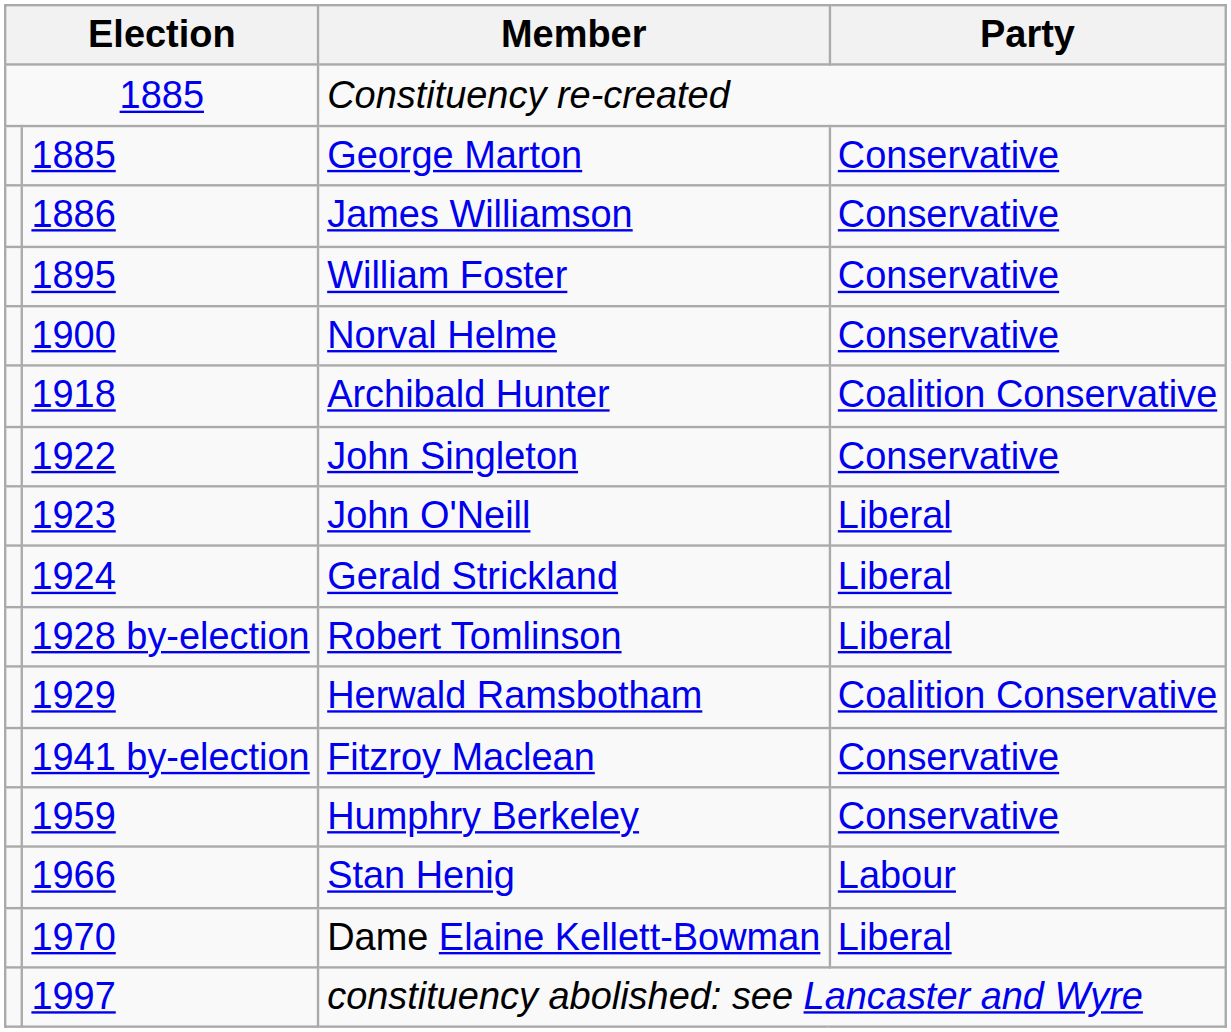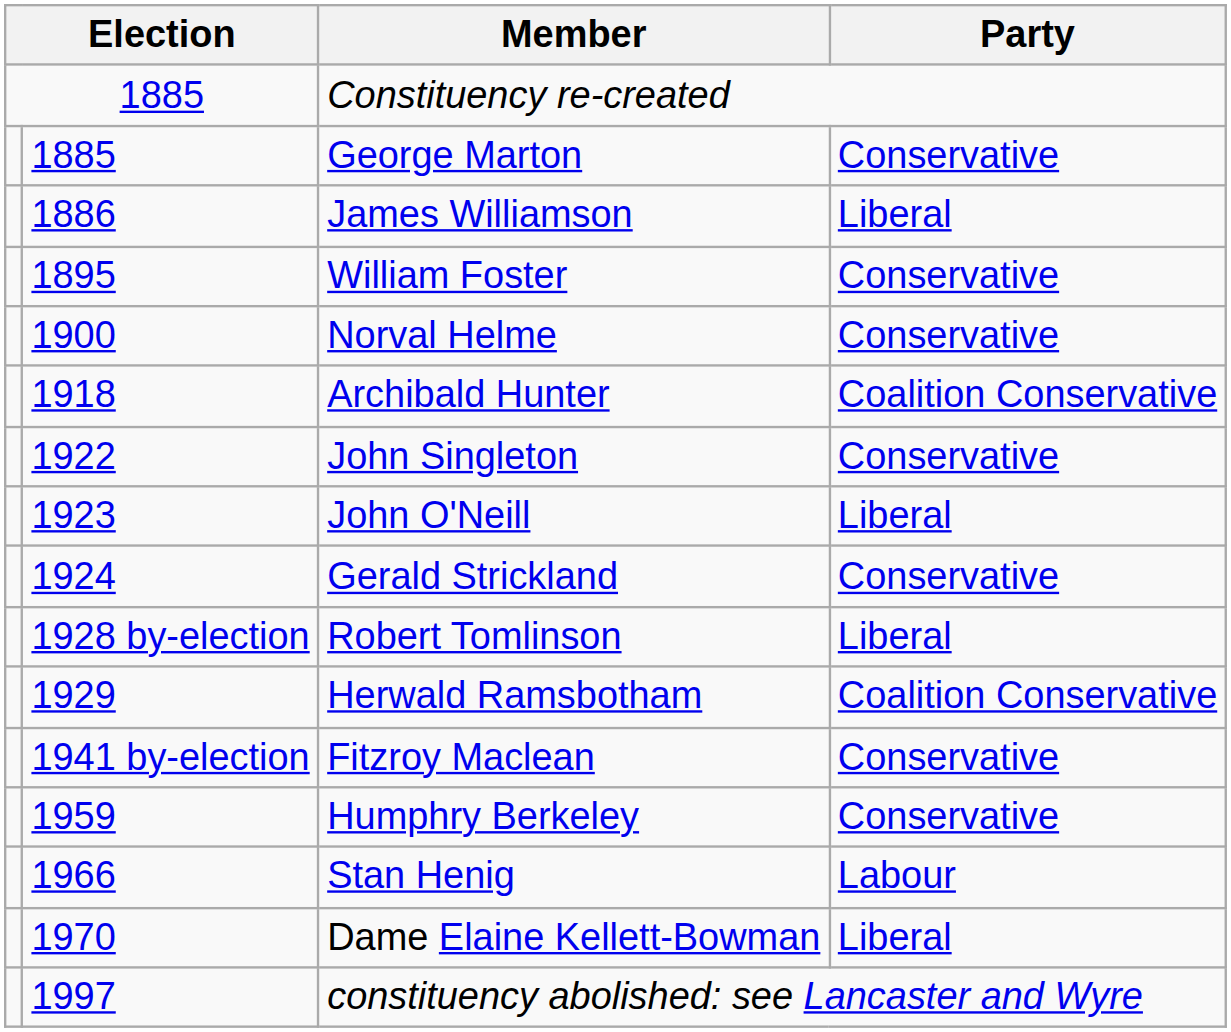 <table class="wikitable">
 <tr>
 <th colspan="2">Election</th>
 <th>Member</th>
 <th>Party</th>
 </tr>
 <tr>
 <td colspan="2" align="center"><a href='#'>1885</a></td>
 <td colspan="2"><em>Constituency re-created</em></td>
 </tr>
 <tr>
 <td style="color:inherit;background-color: "></td>
 <td><a href='#'>1885</a></td>
 <td><a href='#'>George Marton</a></td>
 <td><a href='#'>Conservative</a></td>
 </tr>
 <tr>
 <td style="color:inherit;background-color: "></td>
 <td><a href='#'>1886</a></td>
 <td><a href='#'>James Williamson</a></td>
-<td><a href='#'>Conservative</a></td>
+<td><a href='#'>Liberal</a></td>
 </tr>
 <tr>
 <td style="color:inherit;background-color: "></td>
 <td><a href='#'>1895</a></td>
 <td><a href='#'>William Foster</a></td>
 <td><a href='#'>Conservative</a></td>
 </tr>
 <tr>
 <td style="color:inherit;background-color: "></td>
 <td><a href='#'>1900</a></td>
 <td><a href='#'>Norval Helme</a></td>
 <td><a href='#'>Conservative</a></td>
 </tr>
 <tr>
 <td style="color:inherit;background-color: "></td>
 <td><a href='#'>1918</a></td>
 <td><a href='#'>Archibald Hunter</a></td>
 <td><a href='#'>Coalition Conservative</a></td>
 </tr>
 <tr>
 <td style="color:inherit;background-color: "></td>
 <td><a href='#'>1922</a></td>
 <td><a href='#'>John Singleton</a></td>
 <td><a href='#'>Conservative</a></td>
 </tr>
 <tr>
 <td style="color:inherit;background-color: "></td>
 <td><a href='#'>1923</a></td>
 <td><a href='#'>John O'Neill</a></td>
 <td><a href='#'>Liberal</a></td>
 </tr>
 <tr>
 <td style="color:inherit;background-color: "></td>
 <td><a href='#'>1924</a></td>
 <td><a href='#'>Gerald Strickland</a></td>
-<td><a href='#'>Liberal</a></td>
+<td><a href='#'>Conservative</a></td>
 </tr>
 <tr>
 <td style="color:inherit;background-color: "></td>
 <td><a href='#'>1928 by-election</a></td>
 <td><a href='#'>Robert Tomlinson</a></td>
 <td><a href='#'>Liberal</a></td>
 </tr>
 <tr>
 <td style="color:inherit;background-color: "></td>
 <td><a href='#'>1929</a></td>
 <td><a href='#'>Herwald Ramsbotham</a></td>
 <td><a href='#'>Coalition Conservative</a></td>
 </tr>
 <tr>
 <td style="color:inherit;background-color: "></td>
 <td><a href='#'>1941 by-election</a></td>
 <td><a href='#'>Fitzroy Maclean</a></td>
 <td><a href='#'>Conservative</a></td>
 </tr>
 <tr>
 <td style="color:inherit;background-color: "></td>
 <td><a href='#'>1959</a></td>
 <td><a href='#'>Humphry Berkeley</a></td>
 <td><a href='#'>Conservative</a></td>
 </tr>
 <tr>
 <td style="color:inherit;background-color: "></td>
 <td><a href='#'>1966</a></td>
 <td><a href='#'>Stan Henig</a></td>
 <td><a href='#'>Labour</a></td>
 </tr>
 <tr>
 <td style="color:inherit;background-color: "></td>
 <td><a href='#'>1970</a></td>
 <td>Dame <a href='#'>Elaine Kellett-Bowman</a></td>
 <td><a href='#'>Liberal</a></td>
 </tr>
 <tr>
 <td></td>
 <td><a href='#'>1997</a></td>
 <td colspan="2"><em>constituency abolished: see <a href='#'>Lancaster and Wyre</a></em></td>
 </tr>
 </table>
